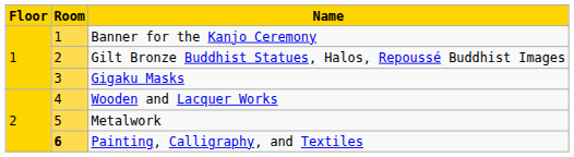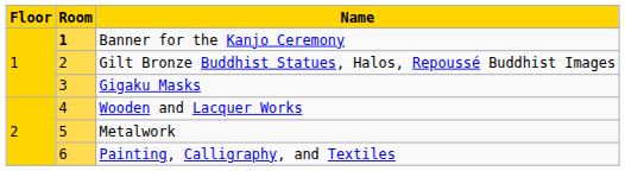 <table class="wikitable" style="margin-left: auto; margin-right: auto; border: none;">
 <tr>
 <th style="background-color: #FFD500; color:black;">Floor</th>
 <th style="background-color: #FFD500; color:black;">Room</th>
 <th style="background-color: #FFD500; color:black;">Name</th>
 </tr>
 <tr>
 <td rowspan="3" style="background-color: #FFD500; color:black;">1</td>
-<td style="background-color: #FFDC4F; color:black;">1</td>
+<td style="background-color: #FFDC4F; color:black;"><strong>1</strong></td>
 <td>Banner for the <a href='#'>Kanjo Ceremony</a></td>
 </tr>
 <tr>
 <td style="background-color: #FFDC4F; color:black;">2</td>
 <td>Gilt Bronze <a href='#'>Buddhist Statues</a>, Halos, <a href='#'>Repoussé</a> Buddhist Images</td>
 </tr>
 <tr>
 <td style="background-color: #FFDC4F; color:black;">3</td>
 <td><a href='#'>Gigaku Masks</a></td>
 </tr>
 <tr>
 <td rowspan="3" style="background-color: #FFD500; color:black;">2</td>
 <td style="background-color: #FFDC4F; color:black;">4</td>
 <td><a href='#'>Wooden</a> and <a href='#'>Lacquer Works</a></td>
 </tr>
 <tr>
 <td style="background-color: #FFDC4F; color:black;">5</td>
 <td>Metalwork</td>
 </tr>
 <tr>
-<td style="background-color: #FFDC4F; color:black;"><strong>6</strong></td>
+<td style="background-color: #FFDC4F; color:black;">6</td>
 <td><a href='#'>Painting</a>, <a href='#'>Calligraphy</a>, and <a href='#'>Textiles</a></td>
 </tr>
 <tr>
 </tr>
 </table>
